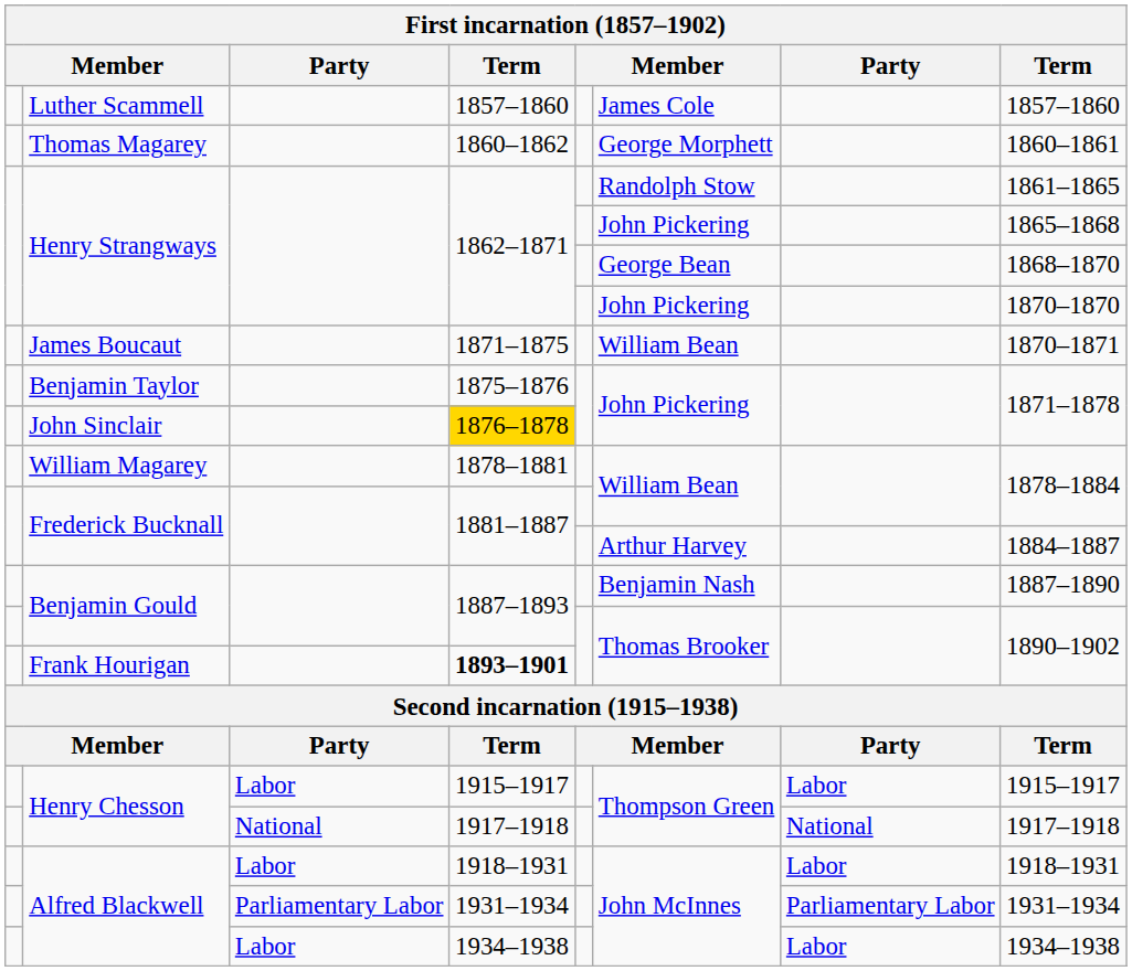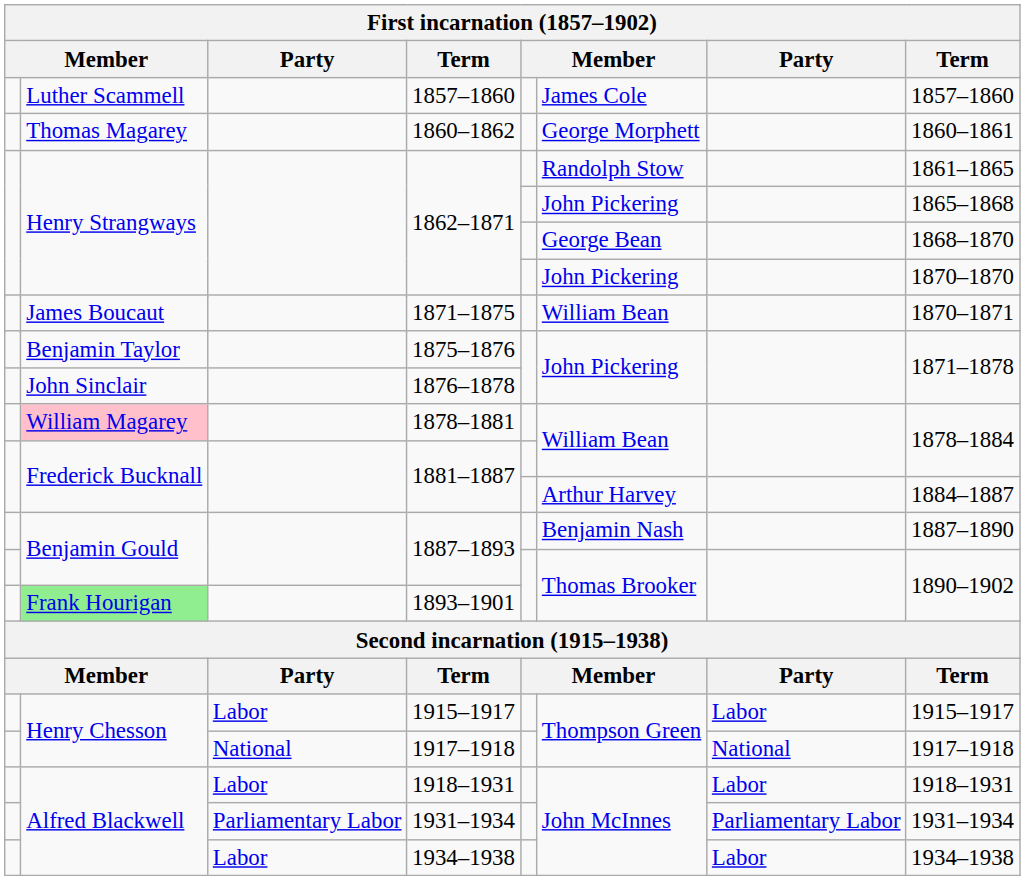 <table class="wikitable">
 <tr>
 <th colspan=8>First incarnation (1857–1902)</th>
 </tr>
 <tr>
 <th colspan=2>Member</th>
 <th>Party</th>
 <th>Term</th>
 <th colspan=2>Member</th>
 <th>Party</th>
 <th>Term</th>
 </tr>
 <tr>
 <td> </td>
 <td><a href='#'>Luther Scammell</a></td>
 <td></td>
 <td>1857–1860</td>
 <td> </td>
 <td><a href='#'>James Cole</a></td>
 <td></td>
 <td>1857–1860</td>
 </tr>
 <tr>
 <td rowspan=2 > </td>
 <td rowspan=2><a href='#'>Thomas Magarey</a></td>
 <td rowspan=2></td>
 <td rowspan=2>1860–1862</td>
 <td> </td>
 <td><a href='#'>George Morphett</a></td>
 <td></td>
 <td>1860–1861</td>
 </tr>
 <tr>
 <td rowspan=2 > </td>
 <td rowspan=2><a href='#'>Randolph Stow</a></td>
 <td rowspan=2></td>
 <td rowspan=2>1861–1865</td>
 </tr>
 <tr>
 <td rowspan=5 > </td>
 <td rowspan=5><a href='#'>Henry Strangways</a></td>
 <td rowspan=5></td>
 <td rowspan=5>1862–1871</td>
 </tr>
 <tr>
 <td> </td>
 <td><a href='#'>John Pickering</a></td>
 <td></td>
 <td>1865–1868</td>
 </tr>
 <tr>
 <td> </td>
 <td><a href='#'>George Bean</a></td>
 <td></td>
 <td>1868–1870</td>
 </tr>
 <tr>
 <td> </td>
 <td><a href='#'>John Pickering</a></td>
 <td></td>
 <td>1870–1870</td>
 </tr>
 <tr>
 <td rowspan=2 > </td>
 <td rowspan=2><a href='#'>William Bean</a></td>
 <td rowspan=2></td>
 <td rowspan=2>1870–1871</td>
 </tr>
 <tr>
 <td rowspan=2 > </td>
 <td rowspan=2><a href='#'>James Boucaut</a></td>
 <td rowspan=2></td>
 <td rowspan=2>1871–1875</td>
 </tr>
 <tr>
 <td rowspan=3 > </td>
 <td rowspan=3><a href='#'>John Pickering</a></td>
 <td rowspan=3></td>
 <td rowspan=3>1871–1878</td>
 </tr>
 <tr>
 <td> </td>
 <td><a href='#'>Benjamin Taylor</a></td>
 <td></td>
 <td>1875–1876</td>
 </tr>
 <tr>
 <td> </td>
 <td><a href='#'>John Sinclair</a></td>
 <td></td>
-<td style="background: gold;">1876–1878</td>
+<td>1876–1878</td>
 </tr>
 <tr>
 <td> </td>
-<td><a href='#'>William Magarey</a></td>
+<td style="background: pink;"><a href='#'>William Magarey</a></td>
 <td></td>
 <td>1878–1881</td>
 <td> </td>
 <td rowspan=2><a href='#'>William Bean</a></td>
 <td rowspan=2></td>
 <td rowspan=2>1878–1884</td>
 </tr>
 <tr>
 <td rowspan=2 > </td>
 <td rowspan=2><a href='#'>Frederick Bucknall</a></td>
 <td rowspan=2></td>
 <td rowspan=2>1881–1887</td>
 <td> </td>
 </tr>
 <tr>
 <td> </td>
 <td><a href='#'>Arthur Harvey</a></td>
 <td></td>
 <td>1884–1887</td>
 </tr>
 <tr>
 <td> </td>
 <td rowspan=2><a href='#'>Benjamin Gould</a></td>
 <td rowspan=2></td>
 <td rowspan=2>1887–1893</td>
 <td> </td>
 <td><a href='#'>Benjamin Nash</a></td>
 <td></td>
 <td>1887–1890</td>
 </tr>
 <tr>
 <td> </td>
 <td rowspan=2 > </td>
 <td rowspan=2><a href='#'>Thomas Brooker</a></td>
 <td rowspan=2></td>
 <td rowspan=2>1890–1902</td>
 </tr>
 <tr>
 <td> </td>
-<td><a href='#'>Frank Hourigan</a></td>
+<td style="background: lightgreen;"><a href='#'>Frank Hourigan</a></td>
 <td></td>
-<td><strong>1893–1901</strong></td>
+<td>1893–1901</td>
 </tr>
 <tr>
 <th colspan=8>Second incarnation (1915–1938)</th>
 </tr>
 <tr>
 <th colspan=2>Member</th>
 <th>Party</th>
 <th>Term</th>
 <th colspan=2>Member</th>
 <th>Party</th>
 <th>Term</th>
 </tr>
 <tr>
 <td> </td>
 <td rowspan=2><a href='#'>Henry Chesson</a></td>
 <td><a href='#'>Labor</a></td>
 <td>1915–1917</td>
 <td> </td>
 <td rowspan=2><a href='#'>Thompson Green</a></td>
 <td><a href='#'>Labor</a></td>
 <td>1915–1917</td>
 </tr>
 <tr>
 <td> </td>
 <td><a href='#'>National</a></td>
 <td>1917–1918</td>
 <td> </td>
 <td><a href='#'>National</a></td>
 <td>1917–1918</td>
 </tr>
 <tr>
 <td> </td>
 <td rowspan=3><a href='#'>Alfred Blackwell</a></td>
 <td><a href='#'>Labor</a></td>
 <td>1918–1931</td>
 <td> </td>
 <td rowspan=3><a href='#'>John McInnes</a></td>
 <td><a href='#'>Labor</a></td>
 <td>1918–1931</td>
 </tr>
 <tr>
 <td> </td>
 <td><a href='#'>Parliamentary Labor</a></td>
 <td>1931–1934</td>
 <td> </td>
 <td><a href='#'>Parliamentary Labor</a></td>
 <td>1931–1934</td>
 </tr>
 <tr>
 <td> </td>
 <td><a href='#'>Labor</a></td>
 <td>1934–1938</td>
 <td> </td>
 <td><a href='#'>Labor</a></td>
 <td>1934–1938</td>
 </tr>
 <tr>
 </tr>
 </table>
